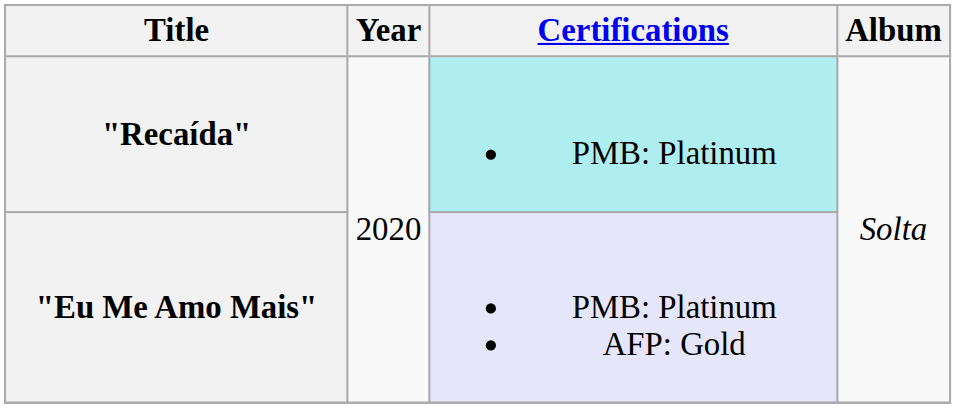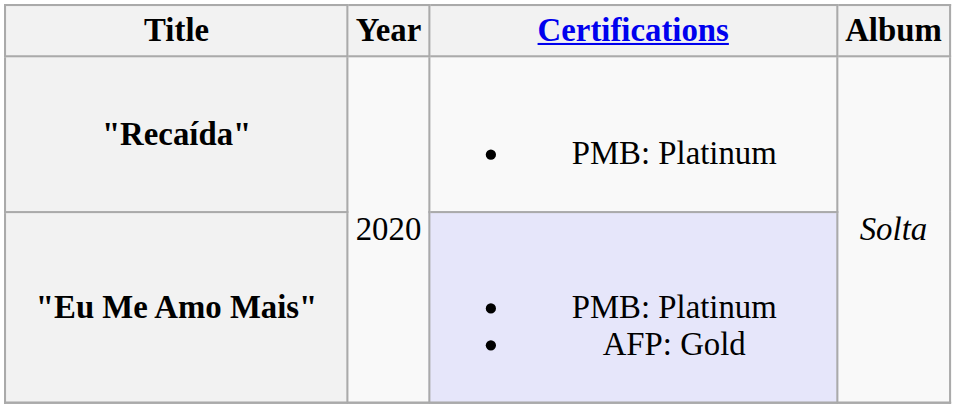 <table class="wikitable plainrowheaders" style="text-align:center;">
 <tr>
 <th scope="col" style="width:10em;">Title</th>
 <th scope="col">Year</th>
 <th scope="col" style="width:12em;"><a href='#'>Certifications</a></th>
 <th scope="col">Album</th>
 </tr>
 <tr>
 <th scope="row">"Recaída"</th>
 <td rowspan="2">2020</td>
-<td style="background: paleturquoise;"><br><ul><li>PMB: Platinum</li></ul></td>
+<td><br><ul><li>PMB: Platinum</li></ul></td>
 <td rowspan="2" align="center"><em>Solta</em></td>
 </tr>
 <tr>
 <th scope="row">"Eu Me Amo Mais"</th>
 <td style="background: lavender;"><br><ul><li>PMB: Platinum</li><li>AFP: Gold</li></ul></td>
 </tr>
 <tr>
 </tr>
 </table>
